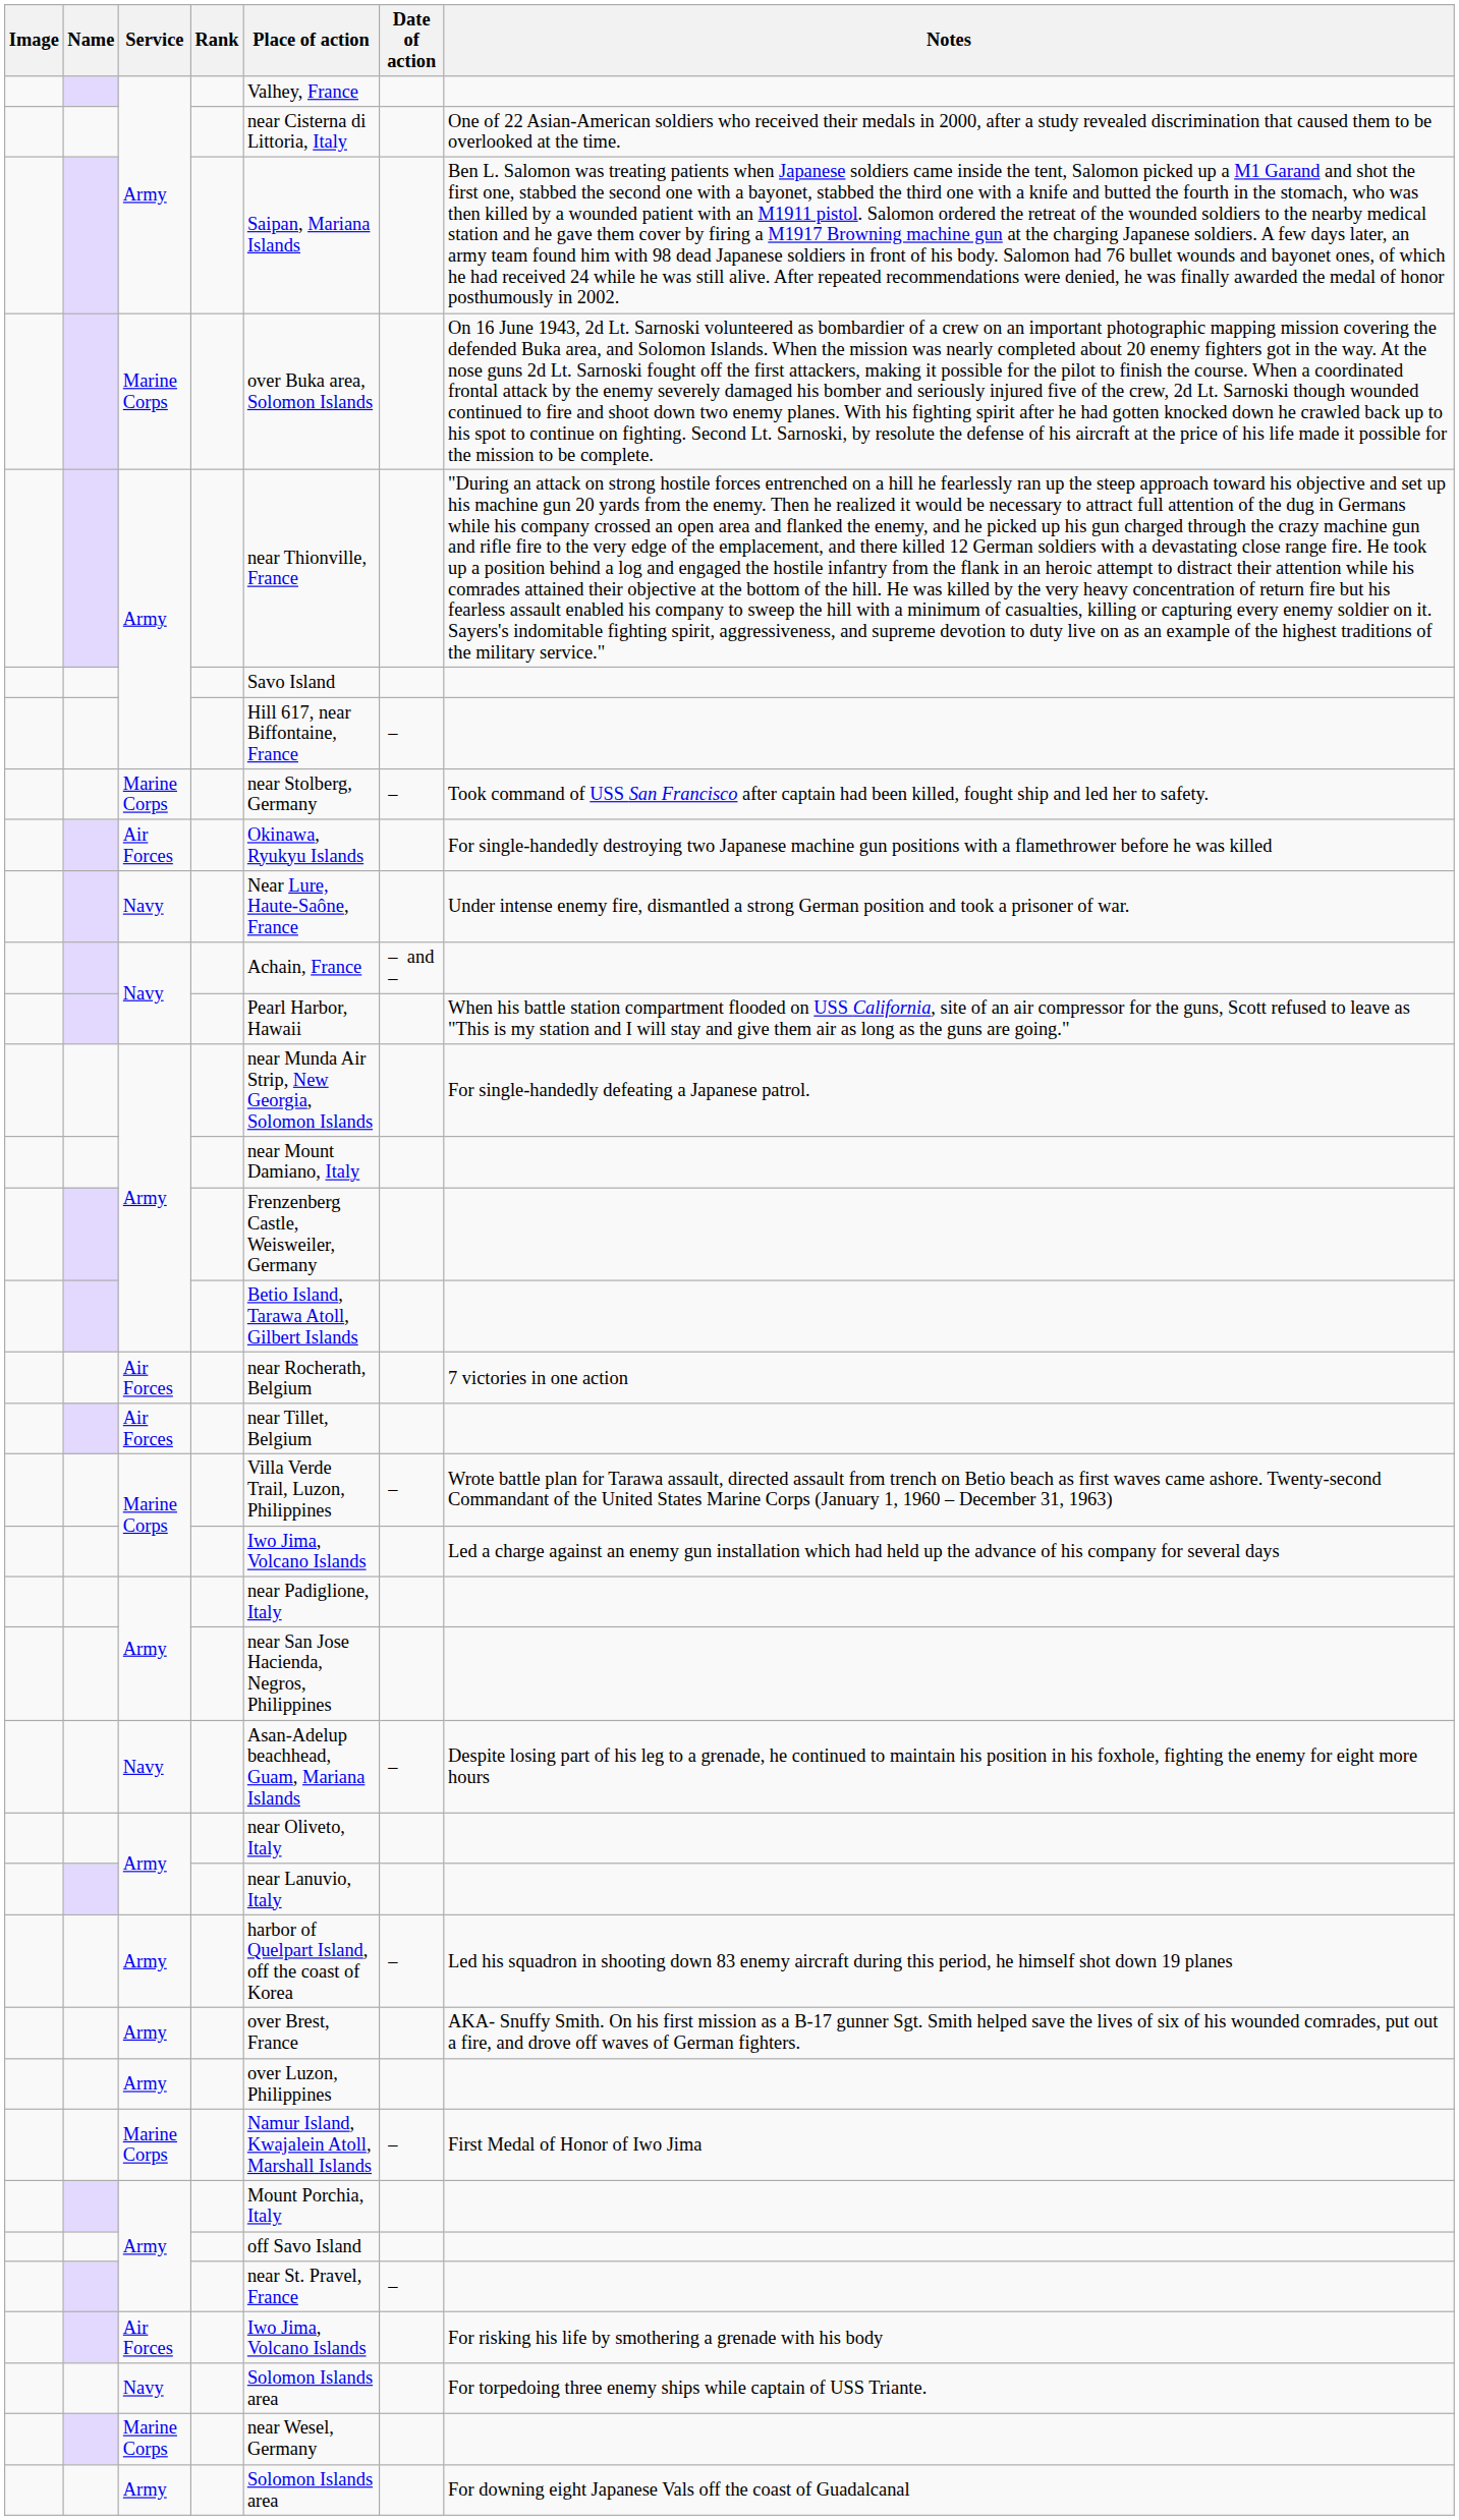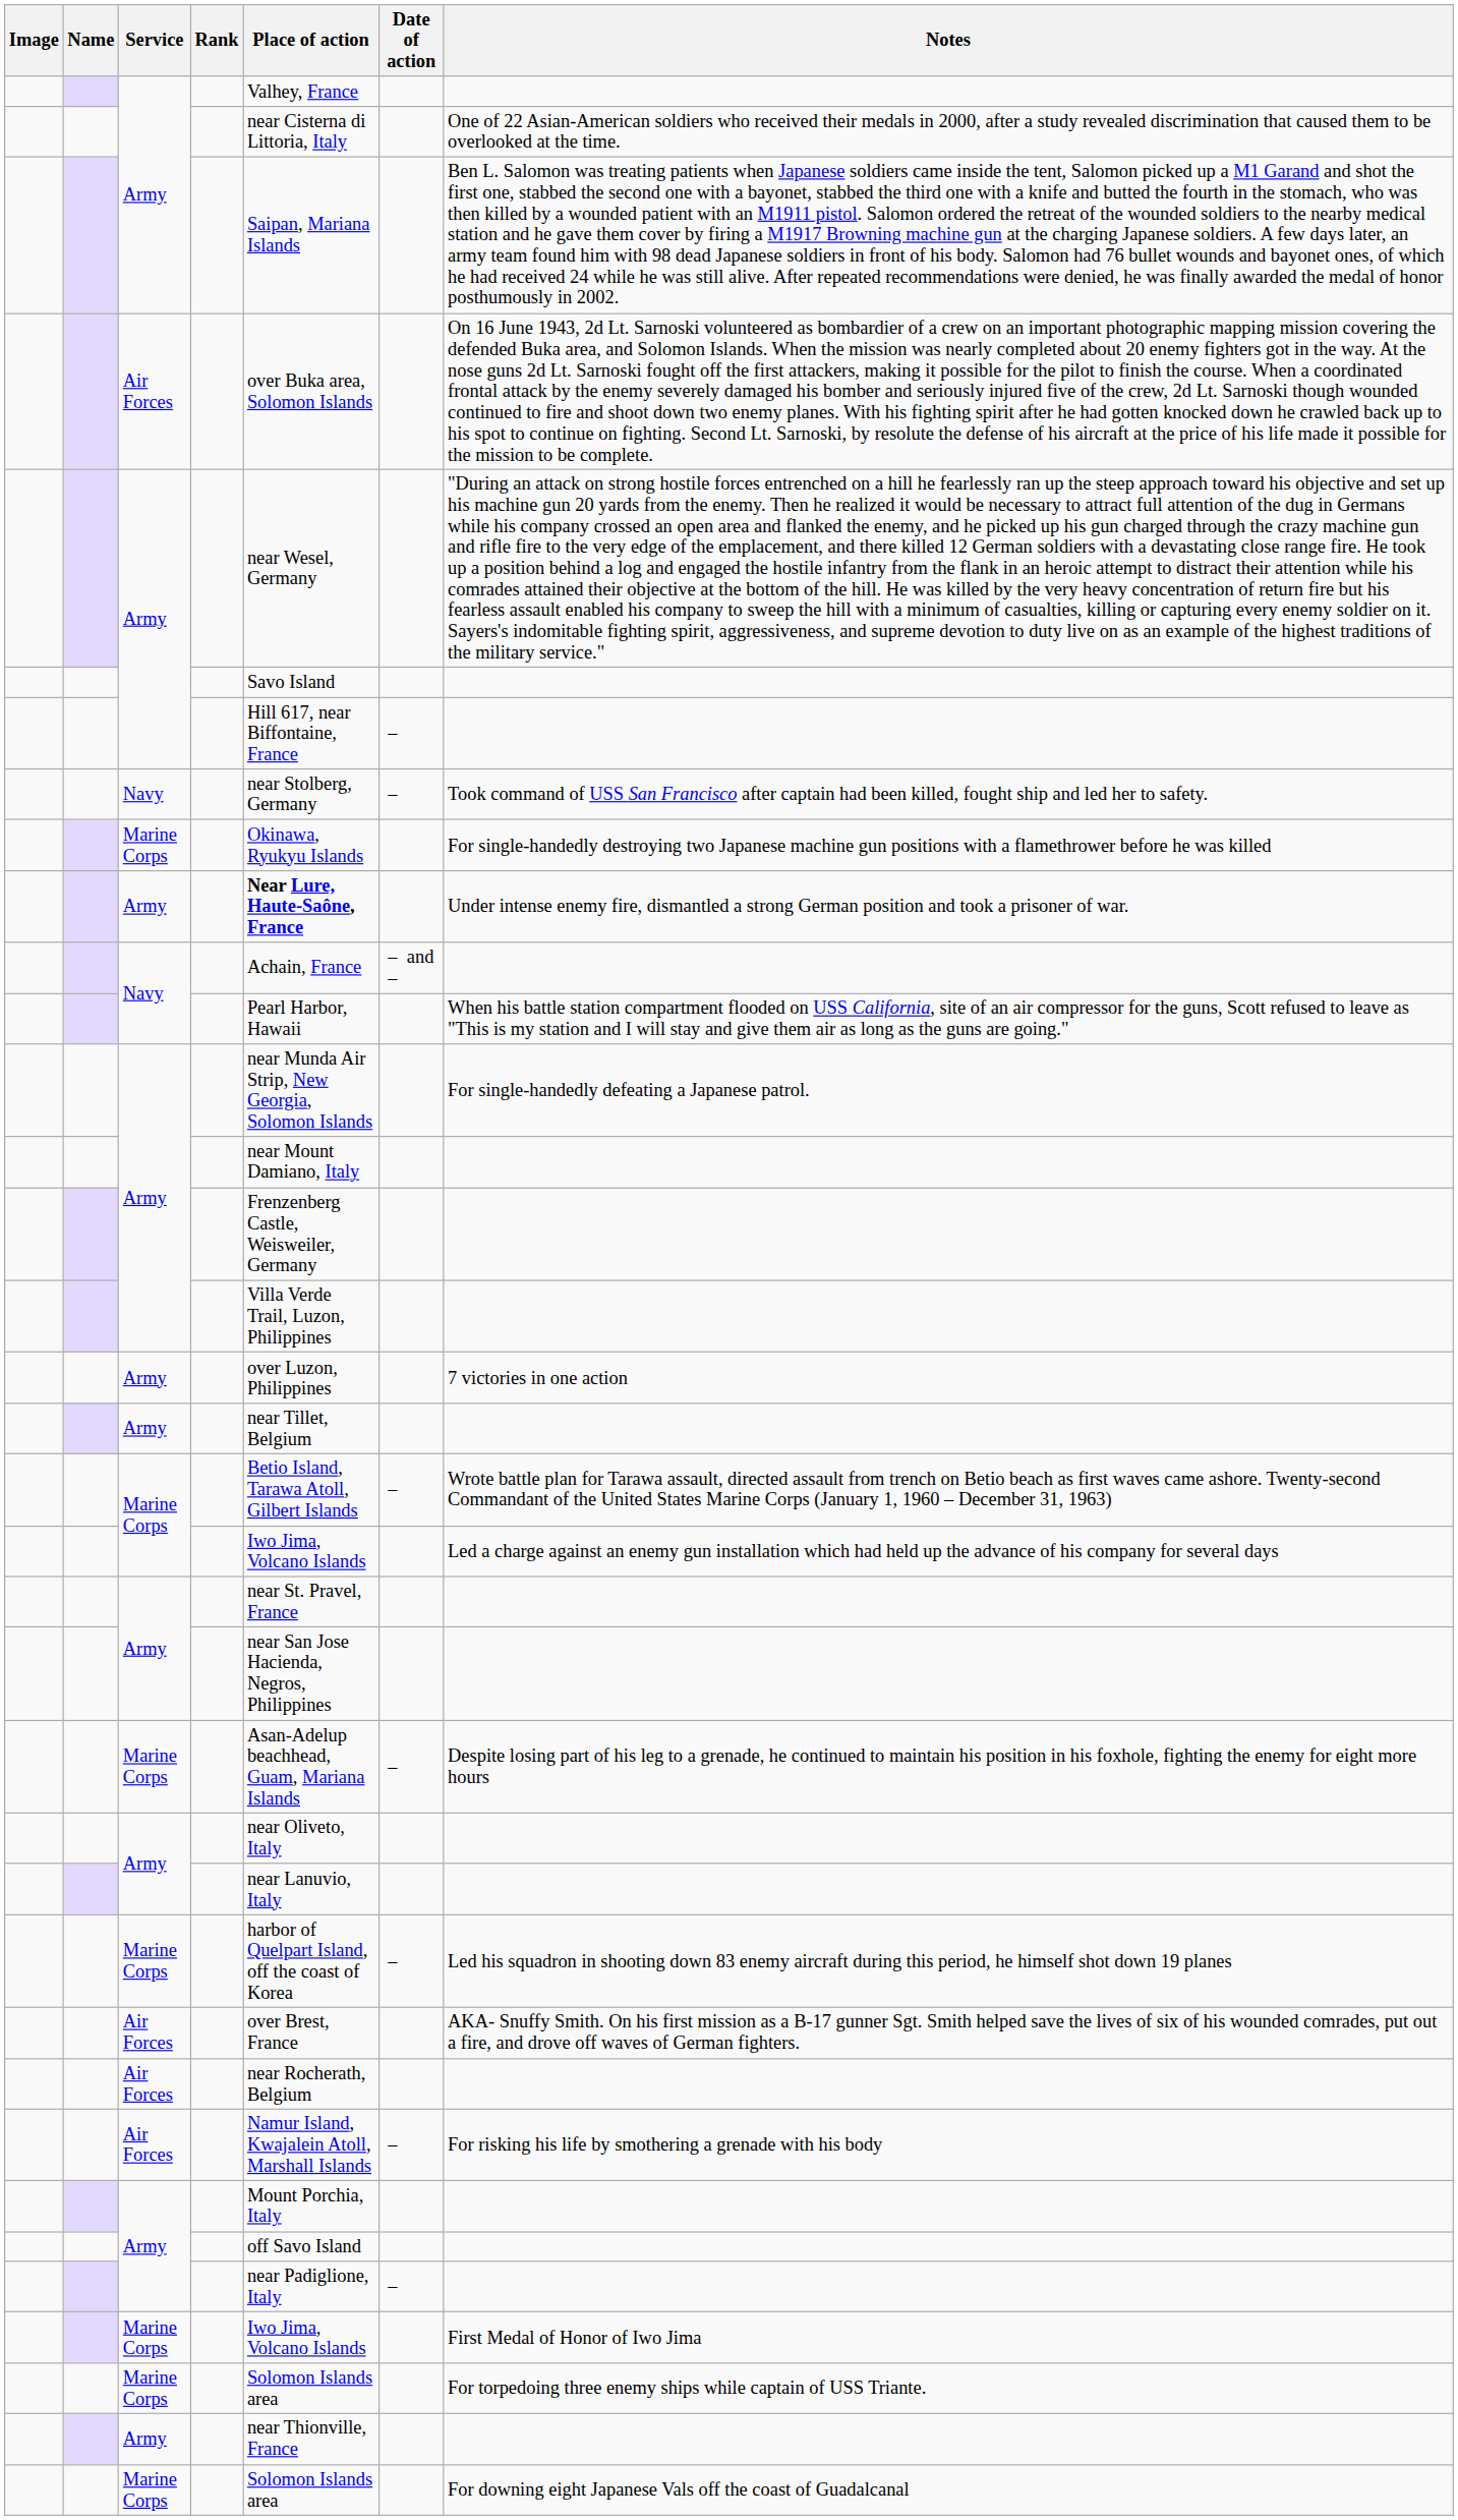 <table class="wikitable sortable" width="98%">
 <tr>
 <th class="unsortable">Image</th>
 <th>Name</th>
 <th>Service</th>
 <th>Rank</th>
 <th>Place of action</th>
 <th>Date of action</th>
 <th class="unsortable">Notes</th>
 </tr>
 <tr>
 <td></td>
 <td style="background:#e3d9ff;"></td>
 <td rowspan="3"><a href='#'>Army</a></td>
 <td></td>
 <td>Valhey, <a href='#'>France</a></td>
 <td></td>
 <td></td>
 </tr>
 <tr>
 <td></td>
 <td></td>
 <td></td>
 <td>near Cisterna di Littoria, <a href='#'>Italy</a></td>
 <td></td>
 <td>One of 22 Asian-American soldiers who received their medals in 2000, after a study revealed discrimination that caused them to be overlooked at the time.</td>
 </tr>
 <tr>
 <td></td>
 <td style="background:#e3d9ff;"></td>
 <td></td>
 <td><a href='#'>Saipan</a>, <a href='#'>Mariana Islands</a></td>
 <td></td>
 <td>Ben L. Salomon was treating patients when <a href='#'>Japanese</a> soldiers came inside the tent, Salomon picked up a <a href='#'>M1 Garand</a> and shot the first one, stabbed the second one with a bayonet, stabbed the third one with a knife and butted the fourth in the stomach, who was then killed by a wounded patient with an <a href='#'>M1911 pistol</a>. Salomon ordered the retreat of the wounded soldiers to the nearby medical station and he gave them cover by firing a <a href='#'>M1917 Browning machine gun</a> at the charging Japanese soldiers. A few days later, an army team found him with 98 dead Japanese soldiers in front of his body. Salomon had 76 bullet wounds and bayonet ones, of which he had received 24 while he was still alive. After repeated recommendations were denied, he was finally awarded the medal of honor posthumously in 2002.</td>
 </tr>
 <tr>
 <td></td>
 <td style="background:#e3d9ff;"></td>
-<td><a href='#'>Marine Corps</a></td>
+<td><a href='#'>Air Forces</a></td>
 <td></td>
 <td>over Buka area, <a href='#'>Solomon Islands</a></td>
 <td></td>
 <td>On 16 June 1943, 2d Lt. Sarnoski volunteered as bombardier of a crew on an important photographic mapping mission covering the defended Buka area, and Solomon Islands. When the mission was nearly completed about 20 enemy fighters got in the way. At the nose guns 2d Lt. Sarnoski fought off the first attackers, making it possible for the pilot to finish the course. When a coordinated frontal attack by the enemy severely damaged his bomber and seriously injured five of the crew, 2d Lt. Sarnoski though wounded continued to fire and shoot down two enemy planes. With his fighting spirit after he had gotten knocked down he crawled back up to his spot to continue on fighting. Second Lt. Sarnoski, by resolute the defense of his aircraft at the price of his life made it possible for the mission to be complete.</td>
 </tr>
 <tr>
 <td></td>
 <td style="background:#e3d9ff;"></td>
 <td rowspan="3"><a href='#'>Army</a></td>
 <td></td>
-<td>near Thionville, <a href='#'>France</a></td>
+<td>near Wesel, Germany</td>
 <td></td>
 <td>"During an attack on strong hostile forces entrenched on a hill he fearlessly ran up the steep approach toward his objective and set up his machine gun 20 yards from the enemy. Then he realized it would be necessary to attract full attention of the dug in Germans while his company crossed an open area and flanked the enemy, and he picked up his gun charged through the crazy machine gun and rifle fire to the very edge of the emplacement, and there killed 12 German soldiers with a devastating close range fire. He took up a position behind a log and engaged the hostile infantry from the flank in an heroic attempt to distract their attention while his comrades attained their objective at the bottom  of the hill. He was killed by the very heavy concentration of return fire but his fearless assault enabled his company to sweep the hill with a minimum of casualties, killing or capturing every enemy soldier on it. Sayers's indomitable fighting spirit, aggressiveness, and supreme devotion to duty live on as an example of the highest traditions of the military service."</td>
 </tr>
 <tr>
 <td></td>
 <td></td>
 <td></td>
 <td>Savo Island</td>
 <td></td>
 <td></td>
 </tr>
 <tr>
 <td></td>
 <td></td>
 <td></td>
 <td>Hill 617, near Biffontaine, <a href='#'>France</a></td>
 <td> – </td>
 <td></td>
 </tr>
 <tr>
 <td></td>
 <td></td>
-<td><a href='#'>Marine Corps</a></td>
+<td><a href='#'>Navy</a></td>
 <td></td>
 <td>near Stolberg, Germany</td>
 <td> – </td>
 <td>Took command of <a href='#'>USS <em>San Francisco</em></a> after captain had been killed, fought ship and led her to safety.</td>
 </tr>
 <tr>
 <td></td>
 <td style="background:#e3d9ff;"></td>
-<td><a href='#'>Air Forces</a></td>
+<td><a href='#'>Marine Corps</a></td>
 <td></td>
 <td><a href='#'>Okinawa</a>, <a href='#'>Ryukyu Islands</a></td>
 <td></td>
 <td>For single-handedly destroying two Japanese machine gun positions with a flamethrower before he was killed</td>
 </tr>
 <tr>
 <td></td>
 <td style="background:#e3d9ff;"></td>
-<td><a href='#'>Navy</a></td>
+<td><a href='#'>Army</a></td>
 <td></td>
-<td>Near <a href='#'>Lure, Haute-Saône</a>, <a href='#'>France</a></td>
+<td><strong>Near <a href='#'>Lure, Haute-Saône</a>, <a href='#'>France</a></strong></td>
 <td></td>
 <td>Under intense enemy fire, dismantled a strong German position and took a prisoner of war.</td>
 </tr>
 <tr>
 <td></td>
 <td style="background:#e3d9ff;"></td>
 <td rowspan="2"><a href='#'>Navy</a></td>
 <td></td>
 <td>Achain, <a href='#'>France</a></td>
 <td> –  and  – </td>
 <td></td>
 </tr>
 <tr>
 <td></td>
 <td style="background:#e3d9ff;"></td>
 <td></td>
 <td>Pearl Harbor, Hawaii</td>
 <td></td>
 <td>When his battle station compartment flooded on <a href='#'>USS <em>California</em></a>, site of an air compressor for the guns, Scott refused to leave as "This is my station and I will stay and give them air as long as the guns are going."</td>
 </tr>
 <tr>
 <td></td>
 <td></td>
 <td rowspan="4"><a href='#'>Army</a></td>
 <td></td>
 <td>near Munda Air Strip, <a href='#'>New Georgia</a>, <a href='#'>Solomon Islands</a></td>
 <td></td>
 <td>For single-handedly defeating a Japanese patrol.</td>
 </tr>
 <tr>
 <td></td>
 <td></td>
 <td></td>
 <td>near Mount Damiano, <a href='#'>Italy</a></td>
 <td></td>
 <td></td>
 </tr>
 <tr>
 <td></td>
 <td style="background:#e3d9ff;"></td>
 <td></td>
 <td>Frenzenberg Castle, Weisweiler, Germany</td>
 <td></td>
 <td></td>
 </tr>
 <tr>
 <td></td>
 <td style="background:#e3d9ff;"></td>
 <td></td>
-<td><a href='#'>Betio Island</a>, <a href='#'>Tarawa Atoll</a>, <a href='#'>Gilbert Islands</a></td>
+<td>Villa Verde Trail, Luzon, Philippines</td>
 <td></td>
 <td></td>
 </tr>
 <tr>
 <td></td>
 <td></td>
-<td><a href='#'>Air Forces</a></td>
+<td><a href='#'>Army</a></td>
 <td></td>
-<td>near Rocherath, Belgium</td>
+<td>over Luzon, Philippines</td>
 <td></td>
 <td>7 victories in one action</td>
 </tr>
 <tr>
 <td></td>
 <td style="background:#e3d9ff;"></td>
-<td><a href='#'>Air Forces</a></td>
+<td><a href='#'>Army</a></td>
 <td></td>
 <td>near Tillet, Belgium</td>
 <td></td>
 <td></td>
 </tr>
 <tr>
 <td></td>
 <td></td>
 <td rowspan="2"><a href='#'>Marine Corps</a></td>
 <td></td>
-<td>Villa Verde Trail, Luzon, Philippines</td>
+<td><a href='#'>Betio Island</a>, <a href='#'>Tarawa Atoll</a>, <a href='#'>Gilbert Islands</a></td>
 <td> – </td>
 <td>Wrote battle plan for Tarawa assault, directed assault from trench on Betio beach as first waves came ashore. Twenty-second Commandant of the United States Marine Corps (January 1, 1960 – December 31, 1963)</td>
 </tr>
 <tr>
 <td></td>
 <td></td>
 <td></td>
 <td><a href='#'>Iwo Jima</a>, <a href='#'>Volcano Islands</a></td>
 <td></td>
 <td>Led a charge against an enemy gun installation which had held up the advance of his company for several days</td>
 </tr>
 <tr>
 <td></td>
 <td></td>
 <td rowspan="2"><a href='#'>Army</a></td>
 <td></td>
-<td>near Padiglione, <a href='#'>Italy</a></td>
+<td>near St. Pravel, <a href='#'>France</a></td>
 <td></td>
 <td></td>
 </tr>
 <tr>
 <td></td>
 <td></td>
 <td></td>
 <td>near San Jose Hacienda, Negros, Philippines</td>
 <td></td>
 <td></td>
 </tr>
 <tr>
 <td></td>
 <td></td>
-<td><a href='#'>Navy</a></td>
+<td><a href='#'>Marine Corps</a></td>
 <td></td>
 <td>Asan-Adelup beachhead, <a href='#'>Guam</a>, <a href='#'>Mariana Islands</a></td>
 <td> – </td>
 <td>Despite losing part of his leg to a grenade, he continued to maintain his position in his foxhole, fighting the enemy for eight more hours</td>
 </tr>
 <tr>
 <td></td>
 <td></td>
 <td rowspan="2"><a href='#'>Army</a></td>
 <td></td>
 <td>near Oliveto, <a href='#'>Italy</a></td>
 <td></td>
 <td></td>
 </tr>
 <tr>
 <td></td>
 <td style="background:#e3d9ff;"></td>
 <td></td>
 <td>near Lanuvio, <a href='#'>Italy</a></td>
 <td></td>
 <td></td>
 </tr>
 <tr>
 <td></td>
 <td></td>
-<td><a href='#'>Army</a></td>
+<td><a href='#'>Marine Corps</a></td>
 <td></td>
 <td>harbor of <a href='#'>Quelpart Island</a>, off the coast of Korea</td>
 <td> – </td>
 <td>Led his squadron in shooting down 83 enemy aircraft during this period, he himself shot down 19 planes</td>
 </tr>
 <tr>
 <td></td>
 <td></td>
-<td><a href='#'>Army</a></td>
+<td><a href='#'>Air Forces</a></td>
 <td></td>
 <td>over Brest, France</td>
 <td></td>
 <td>AKA- Snuffy Smith. On his first mission as a B-17 gunner Sgt. Smith helped save the lives of six of his wounded comrades, put out a fire, and drove off waves of German fighters.</td>
 </tr>
 <tr>
 <td></td>
 <td></td>
-<td><a href='#'>Army</a></td>
+<td><a href='#'>Air Forces</a></td>
 <td></td>
-<td>over Luzon, Philippines</td>
+<td>near Rocherath, Belgium</td>
 <td></td>
 <td></td>
 </tr>
 <tr>
 <td></td>
 <td></td>
-<td><a href='#'>Marine Corps</a></td>
+<td><a href='#'>Air Forces</a></td>
 <td></td>
 <td><a href='#'>Namur Island</a>, <a href='#'>Kwajalein Atoll</a>, <a href='#'>Marshall Islands</a></td>
 <td> – </td>
-<td>First Medal of Honor of Iwo Jima</td>
+<td>For risking his life by smothering a grenade with his body</td>
 </tr>
 <tr>
 <td></td>
 <td style="background:#e3d9ff;"></td>
 <td rowspan="3"><a href='#'>Army</a></td>
 <td></td>
 <td>Mount Porchia, <a href='#'>Italy</a></td>
 <td></td>
 <td></td>
 </tr>
 <tr>
 <td></td>
 <td></td>
 <td></td>
 <td>off Savo Island</td>
 <td></td>
 <td></td>
 </tr>
 <tr>
 <td></td>
 <td style="background:#e3d9ff;"></td>
 <td></td>
-<td>near St. Pravel, <a href='#'>France</a></td>
+<td>near Padiglione, <a href='#'>Italy</a></td>
 <td> – </td>
 <td></td>
 </tr>
 <tr>
 <td></td>
 <td style="background:#e3d9ff;"></td>
-<td><a href='#'>Air Forces</a></td>
+<td><a href='#'>Marine Corps</a></td>
 <td></td>
 <td><a href='#'>Iwo Jima</a>, <a href='#'>Volcano Islands</a></td>
 <td></td>
-<td>For risking his life by smothering a grenade with his body</td>
+<td>First Medal of Honor of Iwo Jima</td>
 </tr>
 <tr>
 <td></td>
 <td></td>
-<td><a href='#'>Navy</a></td>
+<td><a href='#'>Marine Corps</a></td>
 <td></td>
 <td><a href='#'>Solomon Islands</a> area</td>
 <td></td>
 <td>For torpedoing three enemy ships while captain of USS Triante.</td>
 </tr>
 <tr>
 <td></td>
 <td style="background:#e3d9ff;"></td>
-<td><a href='#'>Marine Corps</a></td>
+<td><a href='#'>Army</a></td>
 <td></td>
-<td>near Wesel, Germany</td>
+<td>near Thionville, <a href='#'>France</a></td>
 <td></td>
 <td></td>
 </tr>
 <tr>
 <td></td>
 <td></td>
-<td><a href='#'>Army</a></td>
+<td><a href='#'>Marine Corps</a></td>
 <td></td>
 <td><a href='#'>Solomon Islands</a> area</td>
 <td></td>
 <td>For downing eight Japanese Vals off the coast of Guadalcanal</td>
 </tr>
 </table>
